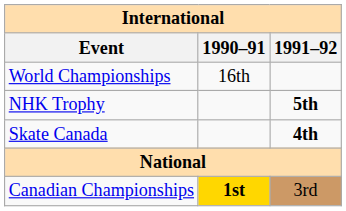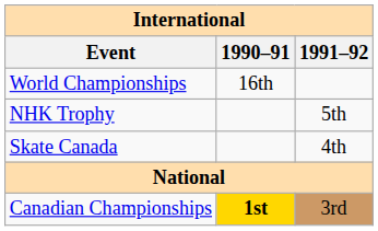 <table class="wikitable" style="text-align:center">
 <tr>
 <th style="background-color: #ffdead; " colspan=3 align=center>International</th>
 </tr>
 <tr>
 <th>Event</th>
 <th>1990–91</th>
 <th>1991–92</th>
 </tr>
 <tr>
 <td align=left><a href='#'>World Championships</a></td>
 <td>16th</td>
 <td></td>
 </tr>
 <tr>
 <td align=left><a href='#'>NHK Trophy</a></td>
 <td></td>
-<td><strong>5th</strong></td>
+<td>5th</td>
 </tr>
 <tr>
 <td align=left><a href='#'>Skate Canada</a></td>
 <td></td>
-<td><strong>4th</strong></td>
+<td>4th</td>
 </tr>
 <tr>
 <th style="background-color: #ffdead; " colspan=3 align=center>National</th>
 </tr>
 <tr>
 <td align=left><a href='#'>Canadian Championships</a></td>
 <td bgcolor=gold><strong>1st</strong></td>
 <td bgcolor=cc9966>3rd</td>
 </tr>
 </table>
